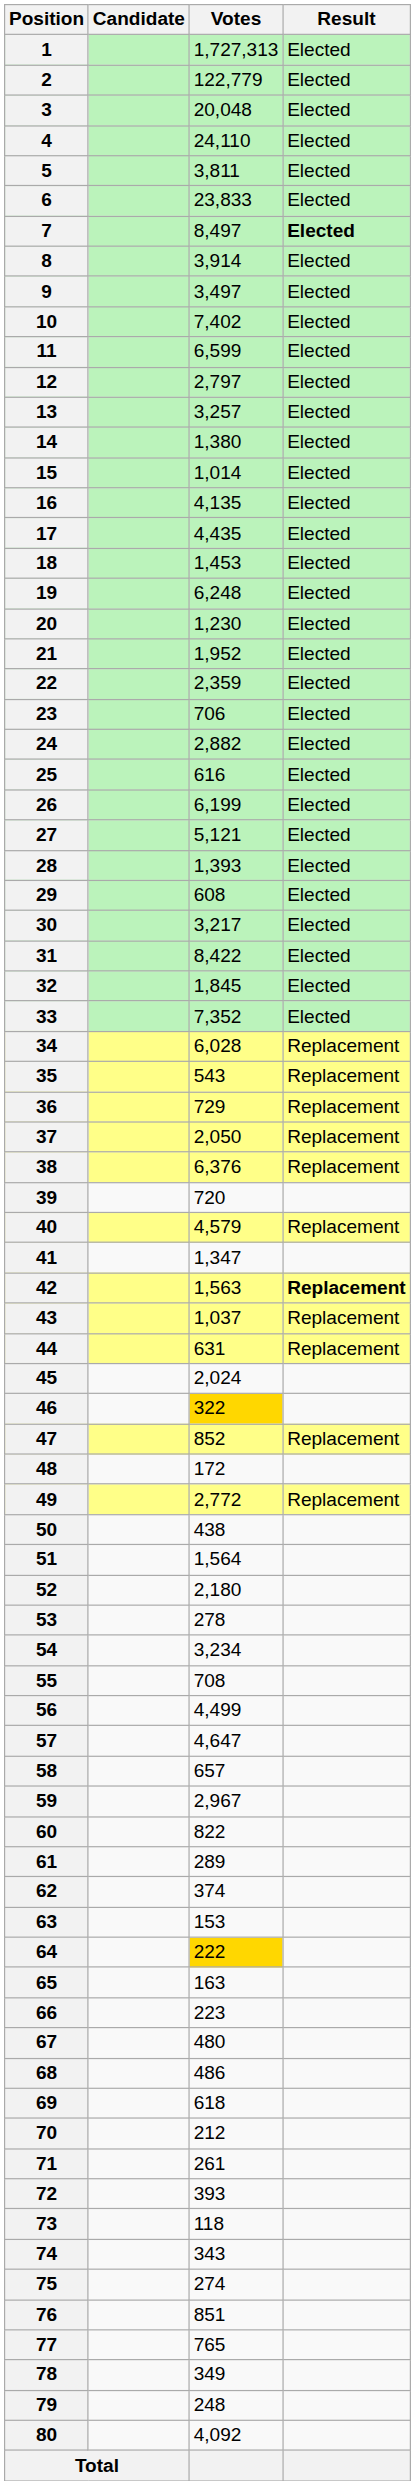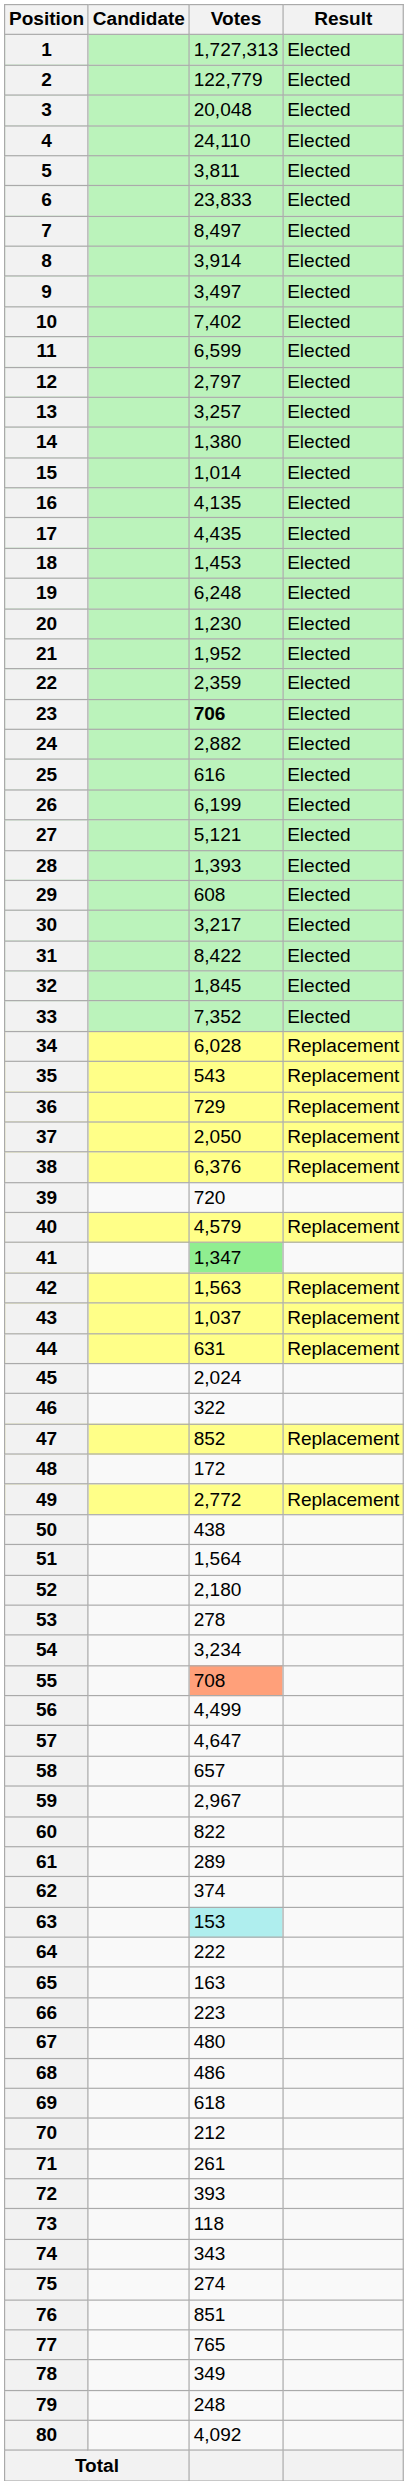 <table class="wikitable sortable col3right">
 <tr>
 <th scope="col">Position</th>
 <th scope="col">Candidate</th>
 <th scope="col">Votes</th>
 <th scope="col">Result</th>
 </tr>
 <tr bgcolor=bbf3bb>
 <th scope="row">1</th>
 <td></td>
 <td>1,727,313</td>
 <td>Elected</td>
 </tr>
 <tr bgcolor=bbf3bb>
 <th scope="row">2</th>
 <td></td>
 <td>122,779</td>
 <td>Elected</td>
 </tr>
 <tr bgcolor=bbf3bb>
 <th scope="row">3</th>
 <td></td>
 <td>20,048</td>
 <td>Elected</td>
 </tr>
 <tr bgcolor=bbf3bb>
 <th scope="row">4</th>
 <td></td>
 <td>24,110</td>
 <td>Elected</td>
 </tr>
 <tr bgcolor=bbf3bb>
 <th scope="row">5</th>
 <td></td>
 <td>3,811</td>
 <td>Elected</td>
 </tr>
 <tr bgcolor=bbf3bb>
 <th scope="row">6</th>
 <td></td>
 <td>23,833</td>
 <td>Elected</td>
 </tr>
 <tr bgcolor=bbf3bb>
 <th scope="row">7</th>
 <td></td>
 <td>8,497</td>
-<td><strong>Elected</strong></td>
+<td>Elected</td>
 </tr>
 <tr bgcolor=bbf3bb>
 <th scope="row">8</th>
 <td></td>
 <td>3,914</td>
 <td>Elected</td>
 </tr>
 <tr bgcolor=bbf3bb>
 <th scope="row">9</th>
 <td></td>
 <td>3,497</td>
 <td>Elected</td>
 </tr>
 <tr bgcolor=bbf3bb>
 <th scope="row">10</th>
 <td></td>
 <td>7,402</td>
 <td>Elected</td>
 </tr>
 <tr bgcolor=bbf3bb>
 <th scope="row">11</th>
 <td></td>
 <td>6,599</td>
 <td>Elected</td>
 </tr>
 <tr bgcolor=bbf3bb>
 <th scope="row">12</th>
 <td></td>
 <td>2,797</td>
 <td>Elected</td>
 </tr>
 <tr bgcolor=bbf3bb>
 <th scope="row">13</th>
 <td></td>
 <td>3,257</td>
 <td>Elected</td>
 </tr>
 <tr bgcolor=bbf3bb>
 <th scope="row">14</th>
 <td></td>
 <td>1,380</td>
 <td>Elected</td>
 </tr>
 <tr bgcolor=bbf3bb>
 <th scope="row">15</th>
 <td></td>
 <td>1,014</td>
 <td>Elected</td>
 </tr>
 <tr bgcolor=bbf3bb>
 <th scope="row">16</th>
 <td></td>
 <td>4,135</td>
 <td>Elected</td>
 </tr>
 <tr bgcolor=bbf3bb>
 <th scope="row">17</th>
 <td></td>
 <td>4,435</td>
 <td>Elected</td>
 </tr>
 <tr bgcolor=bbf3bb>
 <th scope="row">18</th>
 <td></td>
 <td>1,453</td>
 <td>Elected</td>
 </tr>
 <tr bgcolor=bbf3bb>
 <th scope="row">19</th>
 <td></td>
 <td>6,248</td>
 <td>Elected</td>
 </tr>
 <tr bgcolor=bbf3bb>
 <th scope="row">20</th>
 <td></td>
 <td>1,230</td>
 <td>Elected</td>
 </tr>
 <tr bgcolor=bbf3bb>
 <th scope="row">21</th>
 <td></td>
 <td>1,952</td>
 <td>Elected</td>
 </tr>
 <tr bgcolor=bbf3bb>
 <th scope="row">22</th>
 <td></td>
 <td>2,359</td>
 <td>Elected</td>
 </tr>
 <tr bgcolor=bbf3bb>
 <th scope="row">23</th>
 <td></td>
-<td>706</td>
+<td><strong>706</strong></td>
 <td>Elected</td>
 </tr>
 <tr bgcolor=bbf3bb>
 <th scope="row">24</th>
 <td></td>
 <td>2,882</td>
 <td>Elected</td>
 </tr>
 <tr bgcolor=bbf3bb>
 <th scope="row">25</th>
 <td></td>
 <td>616</td>
 <td>Elected</td>
 </tr>
 <tr bgcolor=bbf3bb>
 <th scope="row">26</th>
 <td></td>
 <td>6,199</td>
 <td>Elected</td>
 </tr>
 <tr bgcolor=bbf3bb>
 <th scope="row">27</th>
 <td></td>
 <td>5,121</td>
 <td>Elected</td>
 </tr>
 <tr bgcolor=bbf3bb>
 <th scope="row">28</th>
 <td></td>
 <td>1,393</td>
 <td>Elected</td>
 </tr>
 <tr bgcolor=bbf3bb>
 <th scope="row">29</th>
 <td></td>
 <td>608</td>
 <td>Elected</td>
 </tr>
 <tr bgcolor=bbf3bb>
 <th scope="row">30</th>
 <td></td>
 <td>3,217</td>
 <td>Elected</td>
 </tr>
 <tr bgcolor=bbf3bb>
 <th scope="row">31</th>
 <td></td>
 <td>8,422</td>
 <td>Elected</td>
 </tr>
 <tr bgcolor=bbf3bb>
 <th scope="row">32</th>
 <td></td>
 <td>1,845</td>
 <td>Elected</td>
 </tr>
 <tr bgcolor=bbf3bb>
 <th scope="row">33</th>
 <td></td>
 <td>7,352</td>
 <td>Elected</td>
 </tr>
 <tr bgcolor=#FF8>
 <th scope="row">34</th>
 <td></td>
 <td>6,028</td>
 <td>Replacement</td>
 </tr>
 <tr bgcolor=#FF8>
 <th scope="row">35</th>
 <td></td>
 <td>543</td>
 <td>Replacement</td>
 </tr>
 <tr bgcolor=#FF8>
 <th scope="row">36</th>
 <td></td>
 <td>729</td>
 <td>Replacement</td>
 </tr>
 <tr bgcolor=#FF8>
 <th scope="row">37</th>
 <td></td>
 <td>2,050</td>
 <td>Replacement</td>
 </tr>
 <tr bgcolor=#FF8>
 <th scope="row">38</th>
 <td></td>
 <td>6,376</td>
 <td>Replacement</td>
 </tr>
 <tr>
 <th scope="row">39</th>
 <td></td>
 <td>720</td>
 <td></td>
 </tr>
 <tr bgcolor=#FF8>
 <th scope="row">40</th>
 <td></td>
 <td>4,579</td>
 <td>Replacement</td>
 </tr>
 <tr>
 <th scope="row">41</th>
 <td></td>
-<td>1,347</td>
+<td style="background: lightgreen;">1,347</td>
 <td></td>
 </tr>
 <tr bgcolor=#FF8>
 <th scope="row">42</th>
 <td></td>
 <td>1,563</td>
-<td><strong>Replacement</strong></td>
+<td>Replacement</td>
 </tr>
 <tr bgcolor=#FF8>
 <th scope="row">43</th>
 <td></td>
 <td>1,037</td>
 <td>Replacement</td>
 </tr>
 <tr bgcolor=#FF8>
 <th scope="row">44</th>
 <td></td>
 <td>631</td>
 <td>Replacement</td>
 </tr>
 <tr>
 <th scope="row">45</th>
 <td></td>
 <td>2,024</td>
 <td></td>
 </tr>
 <tr>
 <th scope="row">46</th>
 <td></td>
-<td style="background: gold;">322</td>
+<td>322</td>
 <td></td>
 </tr>
 <tr bgcolor=#FF8>
 <th scope="row">47</th>
 <td></td>
 <td>852</td>
 <td>Replacement</td>
 </tr>
 <tr>
 <th scope="row">48</th>
 <td></td>
 <td>172</td>
 <td></td>
 </tr>
 <tr bgcolor=#FF8>
 <th scope="row">49</th>
 <td></td>
 <td>2,772</td>
 <td>Replacement</td>
 </tr>
 <tr>
 <th scope="row">50</th>
 <td></td>
 <td>438</td>
 <td></td>
 </tr>
 <tr>
 <th scope="row">51</th>
 <td></td>
 <td>1,564</td>
 <td></td>
 </tr>
 <tr>
 <th scope="row">52</th>
 <td></td>
 <td>2,180</td>
 <td></td>
 </tr>
 <tr>
 <th scope="row">53</th>
 <td></td>
 <td>278</td>
 <td></td>
 </tr>
 <tr>
 <th scope="row">54</th>
 <td></td>
 <td>3,234</td>
 <td></td>
 </tr>
 <tr>
 <th scope="row">55</th>
 <td></td>
-<td>708</td>
+<td style="background: lightsalmon;">708</td>
 <td></td>
 </tr>
 <tr>
 <th scope="row">56</th>
 <td></td>
 <td>4,499</td>
 <td></td>
 </tr>
 <tr>
 <th scope="row">57</th>
 <td></td>
 <td>4,647</td>
 <td></td>
 </tr>
 <tr>
 <th scope="row">58</th>
 <td></td>
 <td>657</td>
 <td></td>
 </tr>
 <tr>
 <th scope="row">59</th>
 <td></td>
 <td>2,967</td>
 <td></td>
 </tr>
 <tr>
 <th scope="row">60</th>
 <td></td>
 <td>822</td>
 <td></td>
 </tr>
 <tr>
 <th scope="row">61</th>
 <td></td>
 <td>289</td>
 <td></td>
 </tr>
 <tr>
 <th scope="row">62</th>
 <td></td>
 <td>374</td>
 <td></td>
 </tr>
 <tr>
 <th scope="row">63</th>
 <td></td>
-<td>153</td>
+<td style="background: paleturquoise;">153</td>
 <td></td>
 </tr>
 <tr>
 <th scope="row">64</th>
 <td></td>
-<td style="background: gold;">222</td>
+<td>222</td>
 <td></td>
 </tr>
 <tr>
 <th scope="row">65</th>
 <td></td>
 <td>163</td>
 <td></td>
 </tr>
 <tr>
 <th scope="row">66</th>
 <td></td>
 <td>223</td>
 <td></td>
 </tr>
 <tr>
 <th scope="row">67</th>
 <td></td>
 <td>480</td>
 <td></td>
 </tr>
 <tr>
 <th scope="row">68</th>
 <td></td>
 <td>486</td>
 <td></td>
 </tr>
 <tr>
 <th scope="row">69</th>
 <td></td>
 <td>618</td>
 <td></td>
 </tr>
 <tr>
 <th scope="row">70</th>
 <td></td>
 <td>212</td>
 <td></td>
 </tr>
 <tr>
 <th scope="row">71</th>
 <td></td>
 <td>261</td>
 <td></td>
 </tr>
 <tr>
 <th scope="row">72</th>
 <td></td>
 <td>393</td>
 <td></td>
 </tr>
 <tr>
 <th scope="row">73</th>
 <td></td>
 <td>118</td>
 <td></td>
 </tr>
 <tr>
 <th scope="row">74</th>
 <td></td>
 <td>343</td>
 <td></td>
 </tr>
 <tr>
 <th scope="row">75</th>
 <td></td>
 <td>274</td>
 <td></td>
 </tr>
 <tr>
 <th scope="row">76</th>
 <td></td>
 <td>851</td>
 <td></td>
 </tr>
 <tr>
 <th scope="row">77</th>
 <td></td>
 <td>765</td>
 <td></td>
 </tr>
 <tr>
 <th scope="row">78</th>
 <td></td>
 <td>349</td>
 <td></td>
 </tr>
 <tr>
 <th scope="row">79</th>
 <td></td>
 <td>248</td>
 <td></td>
 </tr>
 <tr>
 <th scope="row">80</th>
 <td></td>
 <td>4,092</td>
 <td></td>
 </tr>
 <tr class="sortbottom">
 <th scope="row" colspan="2">Total</th>
 <th></th>
 <th></th>
 </tr>
 </table>
